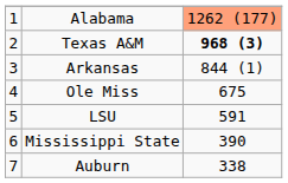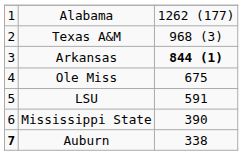 <table class="wikitable" style="display: inline-table;">
 <tr align="center">
 </tr>
 <tr align="center">
 <td>1</td>
 <td>Alabama</td>
-<td style="background: lightsalmon;">1262 (177)</td>
+<td>1262 (177)</td>
 </tr>
 <tr align="center">
 <td>2</td>
 <td>Texas A&M</td>
-<td><strong>968 (3)</strong></td>
+<td>968 (3)</td>
 </tr>
 <tr align="center">
 <td>3</td>
 <td>Arkansas</td>
-<td>844 (1)</td>
+<td><strong>844 (1)</strong></td>
 </tr>
 <tr align="center">
 <td>4</td>
 <td>Ole Miss</td>
 <td>675</td>
 </tr>
 <tr align="center">
 <td>5</td>
 <td>LSU</td>
 <td>591</td>
 </tr>
 <tr align="center">
 <td>6</td>
 <td>Mississippi State</td>
 <td>390</td>
 </tr>
 <tr align="center">
-<td>7</td>
+<td><strong>7</strong></td>
 <td>Auburn</td>
 <td>338</td>
 </tr>
 </table>
